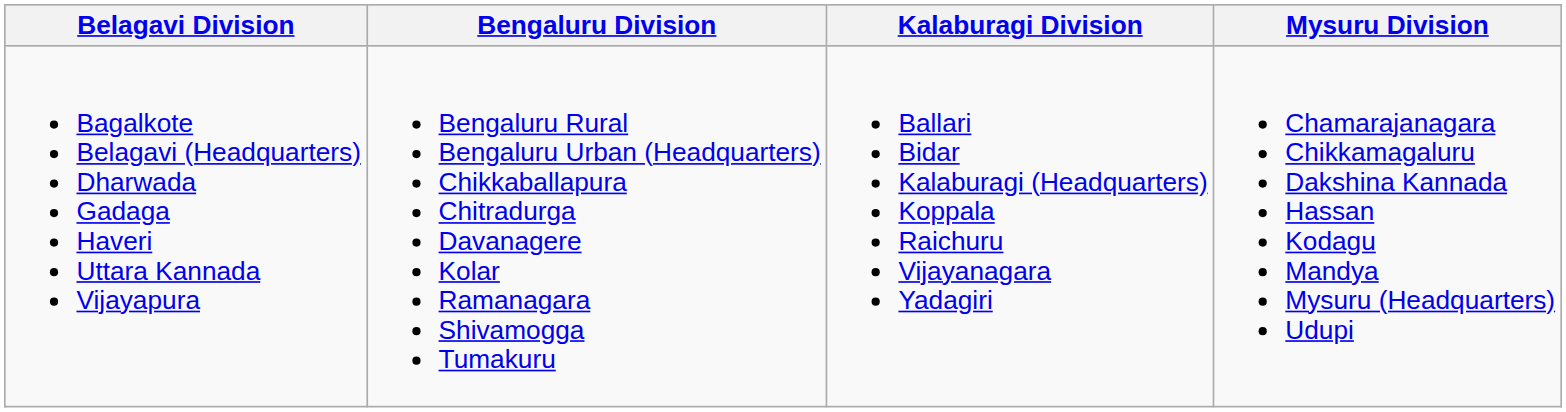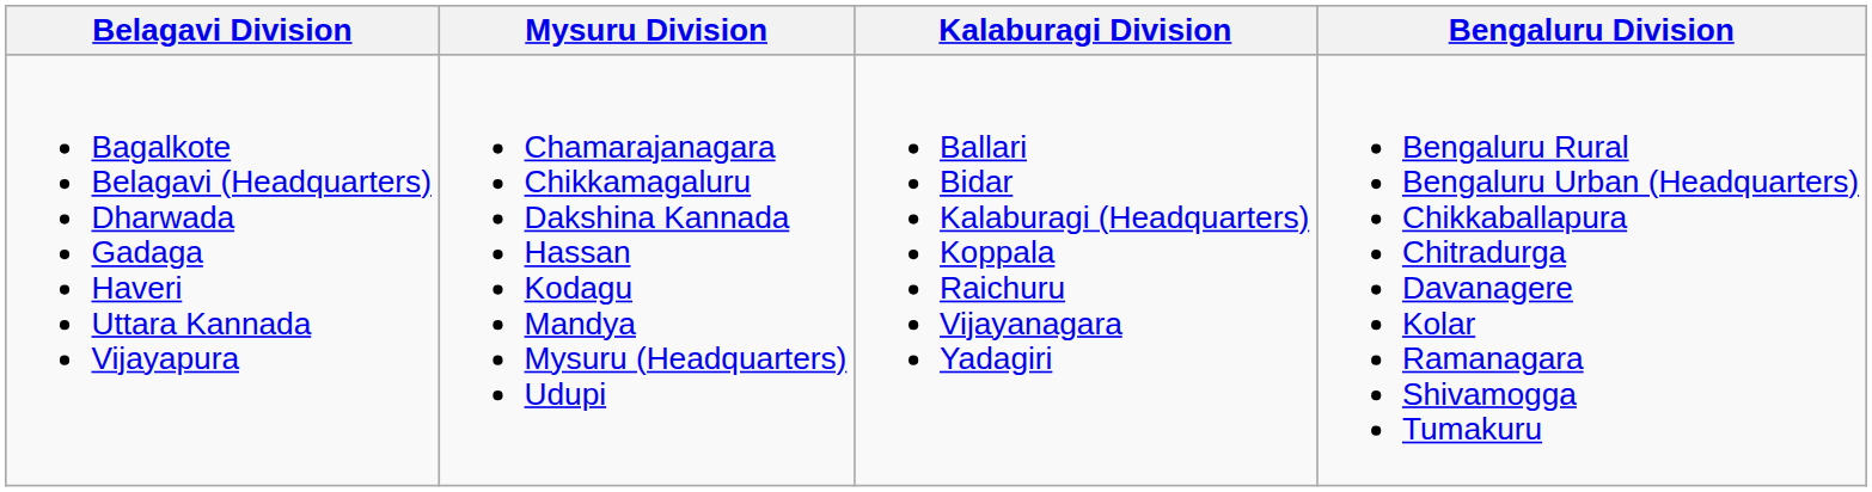 <table class="wikitable" style="text-align: left;">
 <tr>
 <th><a href='#'>Belagavi Division</a></th>
+<th><a href='#'>Mysuru Division</a></th>
+<th><a href='#'>Kalaburagi Division</a></th>
 <th><a href='#'>Bengaluru Division</a></th>
-<th><a href='#'>Kalaburagi Division</a></th>
-<th><a href='#'>Mysuru Division</a></th>
 </tr>
 <tr>
 <td style="vertical-align:top;"><br><ul><li><a href='#'>Bagalkote</a></li><li><a href='#'>Belagavi (Headquarters)</a></li><li><a href='#'>Dharwada</a></li><li><a href='#'>Gadaga</a></li><li><a href='#'>Haveri</a></li><li><a href='#'>Uttara Kannada</a></li><li><a href='#'>Vijayapura</a></li></ul></td>
+<td style="vertical-align:top;"><br><ul><li><a href='#'>Chamarajanagara</a></li><li><a href='#'>Chikkamagaluru</a></li><li><a href='#'>Dakshina Kannada</a></li><li><a href='#'>Hassan</a></li><li><a href='#'>Kodagu</a></li><li><a href='#'>Mandya</a></li><li><a href='#'>Mysuru (Headquarters)</a></li><li><a href='#'>Udupi</a></li></ul></td>
+<td style="vertical-align:top;"><br><ul><li><a href='#'>Ballari</a></li><li><a href='#'>Bidar</a></li><li><a href='#'>Kalaburagi (Headquarters)</a></li><li><a href='#'>Koppala</a></li><li><a href='#'>Raichuru</a></li><li><a href='#'>Vijayanagara</a></li><li><a href='#'>Yadagiri</a></li></ul></td>
 <td style="vertical-align:top;"><br><ul><li><a href='#'>Bengaluru Rural</a></li><li><a href='#'>Bengaluru Urban (Headquarters)</a></li><li><a href='#'>Chikkaballapura</a></li><li><a href='#'>Chitradurga</a></li><li><a href='#'>Davanagere</a></li><li><a href='#'>Kolar</a></li><li><a href='#'>Ramanagara</a></li><li><a href='#'>Shivamogga</a></li><li><a href='#'>Tumakuru</a></li></ul></td>
-<td style="vertical-align:top;"><br><ul><li><a href='#'>Ballari</a></li><li><a href='#'>Bidar</a></li><li><a href='#'>Kalaburagi (Headquarters)</a></li><li><a href='#'>Koppala</a></li><li><a href='#'>Raichuru</a></li><li><a href='#'>Vijayanagara</a></li><li><a href='#'>Yadagiri</a></li></ul></td>
-<td style="vertical-align:top;"><br><ul><li><a href='#'>Chamarajanagara</a></li><li><a href='#'>Chikkamagaluru</a></li><li><a href='#'>Dakshina Kannada</a></li><li><a href='#'>Hassan</a></li><li><a href='#'>Kodagu</a></li><li><a href='#'>Mandya</a></li><li><a href='#'>Mysuru (Headquarters)</a></li><li><a href='#'>Udupi</a></li></ul></td>
 </tr>
 </table>
